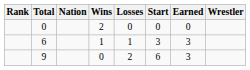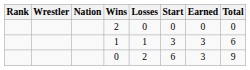 <table class="wikitable sortable" style="text-align:center;">
 <tr>
 <th>Rank</th>
-<th>Total</th>
+<th>Wrestler</th>
 <th>Nation</th>
 <th>Wins</th>
 <th>Losses</th>
 <th>Start</th>
 <th>Earned</th>
-<th>Wrestler</th>
+<th>Total</th>
 </tr>
 <tr>
 <td></td>
-<td>0</td>
+<td align=left></td>
 <td align=left></td>
 <td>2</td>
 <td>0</td>
 <td>0</td>
 <td>0</td>
-<td align=left></td>
+<td>0</td>
 </tr>
 <tr>
 <td></td>
-<td>6</td>
+<td align=left></td>
 <td align=left></td>
 <td>1</td>
 <td>1</td>
 <td>3</td>
 <td>3</td>
-<td align=left></td>
+<td>6</td>
 </tr>
 <tr>
 <td></td>
-<td>9</td>
+<td align=left></td>
 <td align=left></td>
 <td>0</td>
 <td>2</td>
 <td>6</td>
 <td>3</td>
-<td align=left></td>
+<td>9</td>
 </tr>
 </table>
